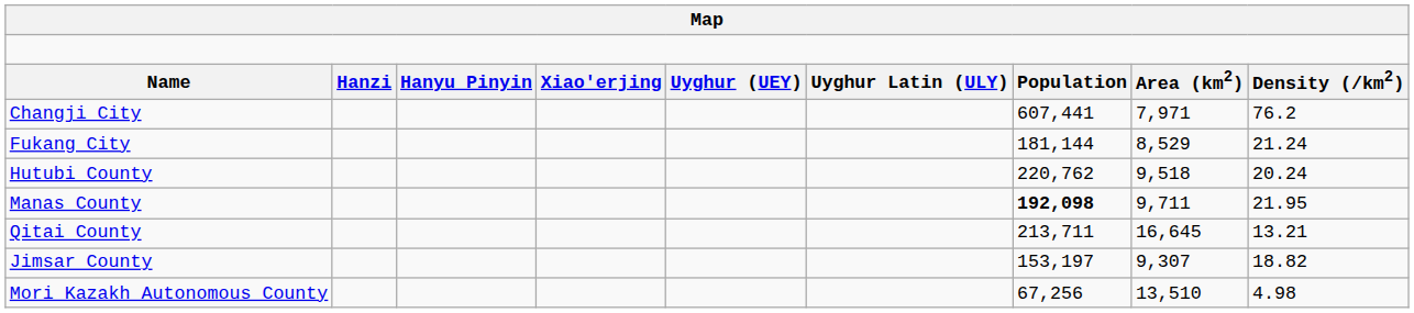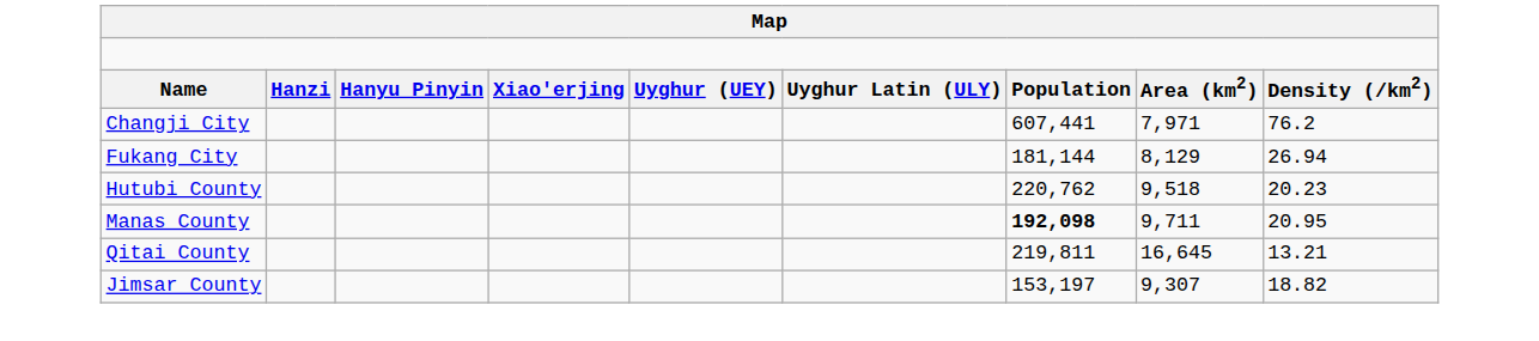 <table class="wikitable" style="font-size:100%; margin:auto;">
 <tr>
 <th colspan=9>Map</th>
 </tr>
 <tr>
 <td colspan=9><div><br>          </div></td>
 </tr>
 <tr>
 <th>Name</th>
 <th><a href='#'>Hanzi</a></th>
 <th><a href='#'>Hanyu Pinyin</a></th>
 <th><a href='#'>Xiao'erjing</a></th>
 <th><a href='#'>Uyghur</a> (<a href='#'>UEY</a>)</th>
 <th>Uyghur Latin (<a href='#'>ULY</a>)</th>
 <th>Population </th>
 <th>Area (km<sup>2</sup>)</th>
 <th>Density (/km<sup>2</sup>)</th>
 </tr>
 <tr>
 <td><a href='#'>Changji City</a></td>
 <td></td>
 <td></td>
 <td></td>
 <td></td>
 <td></td>
 <td>607,441</td>
 <td>7,971</td>
 <td>76.2</td>
 </tr>
 <tr>
 <td><a href='#'>Fukang City</a></td>
 <td></td>
 <td></td>
 <td></td>
 <td></td>
 <td></td>
 <td>181,144</td>
-<td>8,529</td>
-<td>21.24</td>
+<td>8,129</td>
+<td>26.94</td>
 </tr>
 <tr>
 <td><a href='#'>Hutubi County</a></td>
 <td></td>
 <td></td>
 <td></td>
 <td></td>
 <td></td>
 <td>220,762</td>
 <td>9,518</td>
-<td>20.24</td>
+<td>20.23</td>
 </tr>
 <tr>
 <td><a href='#'>Manas County</a></td>
 <td></td>
 <td></td>
 <td></td>
 <td></td>
 <td></td>
 <td><strong>192,098</strong></td>
 <td>9,711</td>
-<td>21.95</td>
+<td>20.95</td>
 </tr>
 <tr>
 <td><a href='#'>Qitai County</a></td>
 <td></td>
 <td></td>
 <td></td>
 <td></td>
 <td></td>
-<td>213,711</td>
+<td>219,811</td>
 <td>16,645</td>
 <td>13.21</td>
 </tr>
 <tr>
 <td><a href='#'>Jimsar County</a></td>
 <td></td>
 <td></td>
 <td></td>
 <td></td>
 <td></td>
 <td>153,197</td>
 <td>9,307</td>
 <td>18.82</td>
 </tr>
-<tr>
-<td><a href='#'>Mori Kazakh Autonomous County</a></td>
-<td></td>
-<td></td>
-<td></td>
-<td></td>
-<td></td>
-<td>67,256</td>
-<td>13,510</td>
-<td>4.98</td>
-</tr>
 </table>
